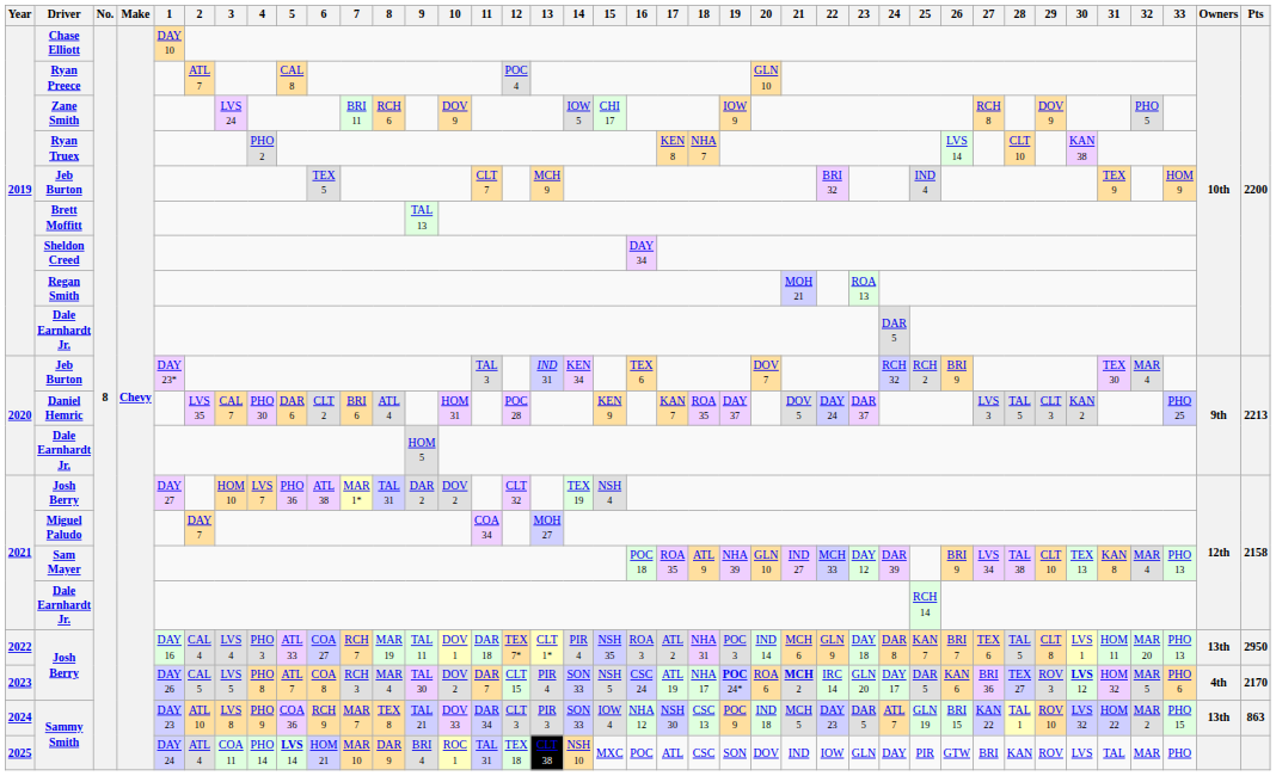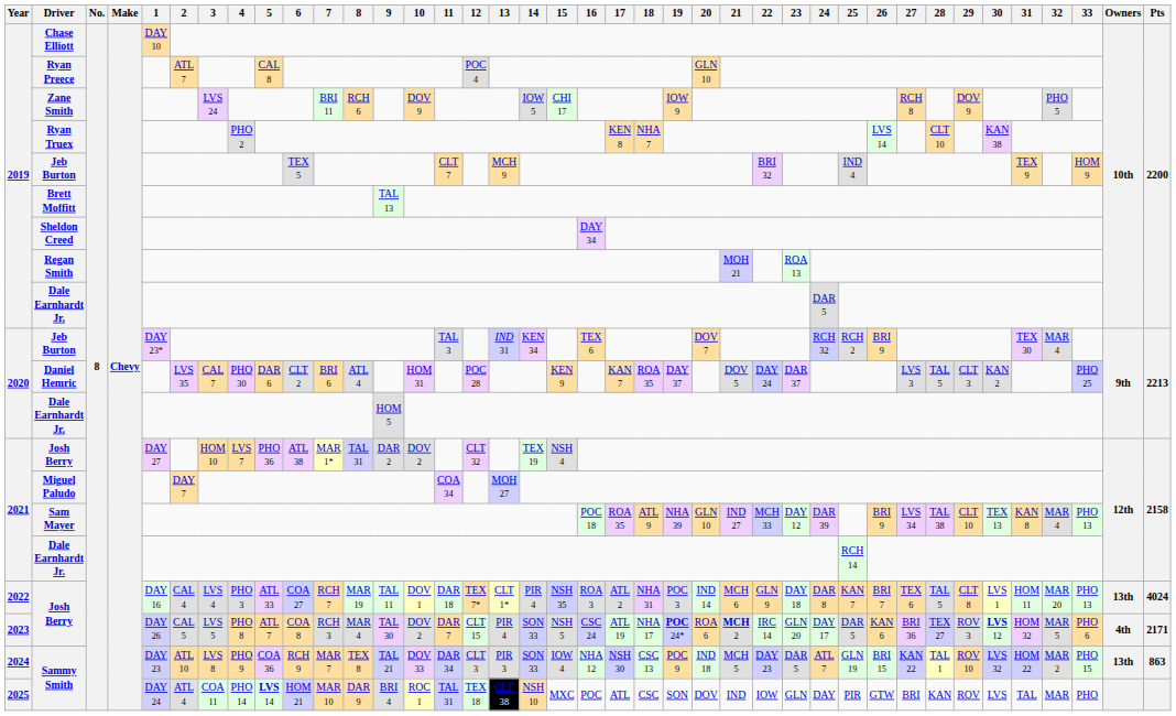 <table class="wikitable" style="text-align:center; font-size:75%">
 <tr>
 <th>Year</th>
 <th>Driver</th>
 <th>No.</th>
 <th>Make</th>
 <th>1</th>
 <th>2</th>
 <th>3</th>
 <th>4</th>
 <th>5</th>
 <th>6</th>
 <th>7</th>
 <th>8</th>
 <th>9</th>
 <th>10</th>
 <th>11</th>
 <th>12</th>
 <th>13</th>
 <th>14</th>
 <th>15</th>
 <th>16</th>
 <th>17</th>
 <th>18</th>
 <th>19</th>
 <th>20</th>
 <th>21</th>
 <th>22</th>
 <th>23</th>
 <th>24</th>
 <th>25</th>
 <th>26</th>
 <th>27</th>
 <th>28</th>
 <th>29</th>
 <th>30</th>
 <th>31</th>
 <th>32</th>
 <th>33</th>
 <th>Owners</th>
 <th>Pts</th>
 </tr>
 <tr>
 <th rowspan=9><a href='#'>2019</a></th>
 <th><a href='#'>Chase Elliott</a></th>
 <th rowspan="20">8</th>
 <th rowspan="20"><a href='#'>Chevy</a></th>
 <td style="background:#FFDF9F;"><a href='#'>DAY</a><br><small>10</small></td>
 <td colspan=32></td>
 <th rowspan=9>10th</th>
 <th rowspan=9>2200</th>
 </tr>
 <tr>
 <th><a href='#'>Ryan Preece</a></th>
 <td></td>
 <td style="background:#FFDF9F;"><a href='#'>ATL</a><br><small>7</small></td>
 <td colspan=2></td>
 <td style="background:#FFDF9F;"><a href='#'>CAL</a><br><small>8</small></td>
 <td colspan=6></td>
 <td style="background:#DFDFDF;"><a href='#'>POC</a><br><small>4</small></td>
 <td colspan=7></td>
 <td style="background:#FFDF9F;"><a href='#'>GLN</a><br><small>10</small></td>
 </tr>
 <tr>
 <th><a href='#'>Zane Smith</a></th>
 <td colspan=2></td>
 <td style="background:#EFCFFF;"><a href='#'>LVS</a><br><small>24</small></td>
 <td colspan=3></td>
 <td style="background:#DFFFDF;"><a href='#'>BRI</a><br><small>11</small></td>
 <td style="background:#FFDF9F;"><a href='#'>RCH</a><br><small>6</small></td>
 <td></td>
 <td style="background:#FFDF9F;"><a href='#'>DOV</a><br><small>9</small></td>
 <td colspan=3></td>
 <td style="background:#DFDFDF;"><a href='#'>IOW</a><br><small>5</small></td>
 <td style="background:#DFFFDF;"><a href='#'>CHI</a><br><small>17</small></td>
 <td colspan=3></td>
 <td style="background:#FFDF9F;"><a href='#'>IOW</a><br><small>9</small></td>
 <td colspan=7></td>
 <td style="background:#FFDF9F;"><a href='#'>RCH</a><br><small>8</small></td>
 <td></td>
 <td style="background:#FFDF9F;"><a href='#'>DOV</a><br><small>9</small></td>
 <td colspan=2></td>
 <td style="background:#DFDFDF;"><a href='#'>PHO</a><br><small>5</small></td>
 <td></td>
 </tr>
 <tr>
 <th><a href='#'>Ryan Truex</a></th>
 <td colspan=3></td>
 <td style="background:#DFDFDF;"><a href='#'>PHO</a><br><small>2</small></td>
 <td colspan=12></td>
 <td style="background:#FFDF9F;"><a href='#'>KEN</a><br><small>8</small></td>
 <td style="background:#FFDF9F;"><a href='#'>NHA</a><br><small>7</small></td>
 <td colspan=7></td>
 <td style="background:#DFFFDF;"><a href='#'>LVS</a><br><small>14</small></td>
 <td></td>
 <td style="background:#FFDF9F;"><a href='#'>CLT</a><br><small>10</small></td>
 <td></td>
 <td style="background:#EFCFFF;"><a href='#'>KAN</a><br><small>38</small></td>
 <td colspan=3></td>
 </tr>
 <tr>
 <th><a href='#'>Jeb Burton</a></th>
 <td colspan=5></td>
 <td style="background:#DFDFDF;"><a href='#'>TEX</a><br><small>5</small></td>
 <td colspan=4></td>
 <td style="background:#FFDF9F;"><a href='#'>CLT</a><br><small>7</small></td>
 <td></td>
 <td style="background:#FFDF9F;"><a href='#'>MCH</a><br><small>9</small></td>
 <td colspan=8></td>
 <td style="background:#EFCFFF;"><a href='#'>BRI</a><br><small>32</small></td>
 <td colspan=2></td>
 <td style="background:#DFDFDF;"><a href='#'>IND</a><br><small>4</small></td>
 <td colspan=5></td>
 <td style="background:#FFDF9F;"><a href='#'>TEX</a><br><small>9</small></td>
 <td></td>
 <td style="background:#FFDF9F;"><a href='#'>HOM</a><br><small>9</small></td>
 </tr>
 <tr>
 <th><a href='#'>Brett Moffitt</a></th>
 <td colspan=8></td>
 <td style="background:#DFFFDF;"><a href='#'>TAL</a><br><small>13</small></td>
 <td colspan=24></td>
 </tr>
 <tr>
 <th><a href='#'>Sheldon Creed</a></th>
 <td colspan=15></td>
 <td style="background:#EFCFFF;"><a href='#'>DAY</a><br><small>34</small></td>
 <td colspan=17></td>
 </tr>
 <tr>
 <th><a href='#'>Regan Smith</a></th>
 <td colspan=20></td>
 <td style="background:#CFCFFF;"><a href='#'>MOH</a><br><small>21</small></td>
 <td></td>
 <td style="background:#DFFFDF;"><a href='#'>ROA</a><br><small>13</small></td>
 </tr>
 <tr>
 <th><a href='#'>Dale Earnhardt Jr.</a></th>
 <td colspan=23></td>
 <td style="background:#DFDFDF;"><a href='#'>DAR</a><br><small>5</small></td>
 <td colspan=9></td>
 </tr>
 <tr>
 <th rowspan=3><a href='#'>2020</a></th>
 <th><a href='#'>Jeb Burton</a></th>
 <td style="background:#EFCFFF;"><a href='#'>DAY</a><br><small>23*</small></td>
 <td colspan=9></td>
 <td style="background:#DFDFDF;"><a href='#'>TAL</a><br><small>3</small></td>
 <td></td>
 <td style="background:#CFCFFF;"><em><a href='#'>IND</a></em><br><small>31</small></td>
 <td style="background:#EFCFFF;"><a href='#'>KEN</a><br><small>34</small></td>
 <td></td>
 <td style="background:#FFDF9F;"><a href='#'>TEX</a><br><small>6</small></td>
 <td colspan=3></td>
 <td style="background:#FFDF9F;"><a href='#'>DOV</a><br><small>7</small></td>
 <td colspan=3></td>
 <td style="background:#CFCFFF;"><a href='#'>RCH</a><br><small>32</small></td>
 <td style="background:#DFDFDF;"><a href='#'>RCH</a><br><small>2</small></td>
 <td style="background:#FFDF9F;"><a href='#'>BRI</a><br><small>9</small></td>
 <td colspan=4></td>
 <td style="background:#EFCFFF;"><a href='#'>TEX</a><br><small>30</small></td>
 <td style="background:#DFDFDF;"><a href='#'>MAR</a><br><small>4</small></td>
 <td colspan=1></td>
 <th rowspan=3>9th</th>
 <th rowspan=3>2213</th>
 </tr>
 <tr>
 <th><a href='#'>Daniel Hemric</a></th>
 <td></td>
 <td style="background:#EFCFFF;"><a href='#'>LVS</a><br><small>35</small></td>
 <td style="background:#FFDF9F;"><a href='#'>CAL</a><br><small>7</small></td>
 <td style="background:#EFCFFF;"><a href='#'>PHO</a><br><small>30</small></td>
 <td style="background:#FFDF9F;"><a href='#'>DAR</a><br><small>6</small></td>
 <td style="background:#DFDFDF;"><a href='#'>CLT</a><br><small>2</small></td>
 <td style="background:#FFDF9F;"><a href='#'>BRI</a><br><small>6</small></td>
 <td style="background:#DFDFDF;"><a href='#'>ATL</a><br><small>4</small></td>
 <td></td>
 <td style="background:#EFCFFF;"><a href='#'>HOM</a><br><small>31</small></td>
 <td></td>
 <td style="background:#EFCFFF;"><a href='#'>POC</a><br><small>28</small></td>
 <td colspan=2></td>
 <td style="background:#FFDF9F;"><a href='#'>KEN</a><br><small>9</small></td>
 <td></td>
 <td style="background:#FFDF9F;"><a href='#'>KAN</a><br><small>7</small></td>
 <td style="background:#EFCFFF;"><a href='#'>ROA</a><br><small>35</small></td>
 <td style="background:#EFCFFF;"><a href='#'>DAY</a><br><small>37</small></td>
 <td colspan=1></td>
 <td style="background:#DFDFDF;"><a href='#'>DOV</a><br><small>5</small></td>
 <td style="background:#CFCFFF;"><a href='#'>DAY</a><br><small>24</small></td>
 <td style="background:#EFCFFF;"><a href='#'>DAR</a><br><small>37</small></td>
 <td colspan=3></td>
 <td style="background:#DFDFDF;"><a href='#'>LVS</a><br><small>3</small></td>
 <td style="background:#DFDFDF;"><a href='#'>TAL</a><br><small>5</small></td>
 <td style="background:#DFDFDF;"><a href='#'>CLT</a><br><small>3</small></td>
 <td style="background:#DFDFDF;"><a href='#'>KAN</a><br><small>2</small></td>
 <td colspan=2></td>
 <td style="background:#CFCFFF;"><a href='#'>PHO</a><br><small>25</small></td>
 </tr>
 <tr>
 <th><a href='#'>Dale Earnhardt Jr.</a></th>
 <td colspan=8></td>
 <td style="background:#DFDFDF;"><a href='#'>HOM</a><br><small>5</small></td>
 <td colspan=24></td>
 </tr>
 <tr>
 <th rowspan=4><a href='#'>2021</a></th>
 <th><a href='#'>Josh Berry</a></th>
 <td style="background:#EFCFFF;"><a href='#'>DAY</a><br><small>27</small></td>
 <td colspan=1></td>
 <td style="background:#FFDF9F;"><a href='#'>HOM</a><br><small>10</small></td>
 <td style="background:#FFDF9F;"><a href='#'>LVS</a><br><small>7</small></td>
 <td style="background:#EFCFFF;"><a href='#'>PHO</a><br><small>36</small></td>
 <td style="background:#EFCFFF;"><a href='#'>ATL</a><br><small>38</small></td>
 <td style="background:#FFFFBF;"><a href='#'>MAR</a><br><small>1*</small></td>
 <td style="background:#CFCFFF;"><a href='#'>TAL</a><br><small>31</small></td>
 <td style="background:#DFDFDF;"><a href='#'>DAR</a><br><small>2</small></td>
 <td style="background:#DFDFDF;"><a href='#'>DOV</a><br><small>2</small></td>
 <td colspan=1></td>
 <td style="background:#EFCFFF;"><a href='#'>CLT</a><br><small>32</small></td>
 <td colspan=1></td>
 <td style="background:#DFFFDF;"><a href='#'>TEX</a><br><small>19</small></td>
 <td style="background:#DFDFDF;"><a href='#'>NSH</a><br><small>4</small></td>
 <td colspan=18></td>
 <th rowspan=4>12th</th>
 <th rowspan=4>2158</th>
 </tr>
 <tr>
 <th><a href='#'>Miguel Paludo</a></th>
 <td></td>
 <td style="background:#FFDF9F;"><a href='#'>DAY</a><br><small>7</small></td>
 <td colspan=8></td>
 <td style="background:#EFCFFF;"><a href='#'>COA</a><br><small>34</small></td>
 <td></td>
 <td style="background:#CFCFFF;"><a href='#'>MOH</a><br><small>27</small></td>
 <td colspan=20></td>
 </tr>
 <tr>
 <th><a href='#'>Sam Mayer</a></th>
 <td colspan=15></td>
 <td style="background:#DFFFDF;"><a href='#'>POC</a><br><small>18</small></td>
 <td style="background:#EFCFFF;"><a href='#'>ROA</a><br><small>35</small></td>
 <td style="background:#FFDF9F;"><a href='#'>ATL</a><br><small>9</small></td>
 <td style="background:#EFCFFF;"><a href='#'>NHA</a><br><small>39</small></td>
 <td style="background:#FFDF9F;"><a href='#'>GLN</a><br><small>10</small></td>
 <td style="background:#EFCFFF;"><a href='#'>IND</a><br><small>27</small></td>
 <td style="background:#CFCFFF;"><a href='#'>MCH</a><br><small>33</small></td>
 <td style="background:#DFFFDF;"><a href='#'>DAY</a><br><small>12</small></td>
 <td style="background:#EFCFFF;"><a href='#'>DAR</a><br><small>39</small></td>
 <td colspan=1></td>
 <td style="background:#FFDF9F;"><a href='#'>BRI</a><br><small>9</small></td>
 <td style="background:#EFCFFF;"><a href='#'>LVS</a><br><small>34</small></td>
 <td style="background:#EFCFFF;"><a href='#'>TAL</a><br><small>38</small></td>
 <td style="background:#FFDF9F;"><a href='#'>CLT</a><br><small>10</small></td>
 <td style="background:#DFFFDF;"><a href='#'>TEX</a><br><small>13</small></td>
 <td style="background:#FFDF9F;"><a href='#'>KAN</a><br><small>8</small></td>
 <td style="background:#DFDFDF;'"><a href='#'>MAR</a><br><small>4</small></td>
 <td style="background:#DFFFDF;"><a href='#'>PHO</a><br><small>13</small></td>
 </tr>
 <tr>
 <th><a href='#'>Dale Earnhardt Jr.</a></th>
 <td colspan=24></td>
 <td style="background:#DFFFDF"><a href='#'>RCH</a><br><small>14</small></td>
 <td colspan=8></td>
 </tr>
 <tr>
 <th><a href='#'>2022</a></th>
 <th rowspan=2><a href='#'>Josh Berry</a></th>
 <td style="background:#DFFFDF;"><a href='#'>DAY</a><br><small>16</small></td>
 <td style="background:#DFDFDF;"><a href='#'>CAL</a><br><small>4</small></td>
 <td style="background:#DFDFDF;"><a href='#'>LVS</a><br><small>4</small></td>
 <td style="background:#DFDFDF;"><a href='#'>PHO</a><br><small>3</small></td>
 <td style="background:#EFCFFF;"><a href='#'>ATL</a><br><small>33</small></td>
 <td style="background:#CFCFFF;"><a href='#'>COA</a><br><small>27</small></td>
 <td style="background:#FFDF9F;"><a href='#'>RCH</a><br><small>7</small></td>
 <td style="background:#DFFFDF;"><a href='#'>MAR</a><br><small>19</small></td>
 <td style="background:#DFFFDF;"><a href='#'>TAL</a><br><small>11</small></td>
 <td style="background:#FFFFBF;"><a href='#'>DOV</a><br><small>1</small></td>
 <td style="background:#DFFFDF;"><a href='#'>DAR</a><br><small>18</small></td>
 <td style="background:#FFDF9F;"><a href='#'>TEX</a><br><small>7*</small></td>
 <td style="background:#FFFFBF;"><a href='#'>CLT</a><br><small>1*</small></td>
 <td style="background:#DFDFDF;"><a href='#'>PIR</a><br><small>4</small></td>
 <td style="background:#CFCFFF;"><a href='#'>NSH</a><br><small>35</small></td>
 <td style="background:#DFDFDF;"><a href='#'>ROA</a><br><small>3</small></td>
 <td style="background:#DFDFDF;"><a href='#'>ATL</a><br><small>2</small></td>
 <td style="background:#EFCFFF;"><a href='#'>NHA</a><br><small>31</small></td>
 <td style="background:#DFDFDF;"><a href='#'>POC</a><br><small>3</small></td>
 <td style="background:#DFFFDF;"><a href='#'>IND</a><br><small>14</small></td>
 <td style="background:#FFDF9F;"><a href='#'>MCH</a> <br><small>6</small></td>
 <td style="background:#FFDF9F;"><a href='#'>GLN</a><br><small>9</small></td>
 <td style="background:#DFFFDF;"><a href='#'>DAY</a><br><small>18</small></td>
 <td style="background:#FFDF9F;"><a href='#'>DAR</a><br><small>8</small></td>
 <td style="background:#FFDF9F;"><a href='#'>KAN</a><br><small>7</small></td>
 <td style="background:#FFDF9F;"><a href='#'>BRI</a><br><small>7</small></td>
 <td style="background:#FFDF9F;"><a href='#'>TEX</a><br><small>6</small></td>
 <td style="background:#DFDFDF;"><a href='#'>TAL</a><br><small>5</small></td>
 <td style="background:#FFDF9F;"><a href='#'>CLT</a><br><small>8</small></td>
 <td style="background:#FFFFBF;"><a href='#'>LVS</a><br><small>1</small></td>
 <td style="background:#DFFFDF;"><a href='#'>HOM</a><br><small>11</small></td>
 <td style="background:#DFFFDF;"><a href='#'>MAR</a><br><small>20</small></td>
 <td style="background:#DFFFDF;"><a href='#'>PHO</a><br><small>13</small></td>
 <th>13th</th>
-<th>2950</th>
+<th>4024</th>
 </tr>
 <tr>
 <th><a href='#'>2023</a></th>
 <td style="background:#CFCFFF;"><a href='#'>DAY</a><br><small>26</small></td>
 <td style="background:#DFDFDF;"><a href='#'>CAL</a><br><small>5</small></td>
 <td style="background:#DFDFDF;"><a href='#'>LVS</a><br><small>5</small></td>
 <td style="background:#FFDF9F;"><a href='#'>PHO</a><br><small>8</small></td>
 <td style="background:#FFDF9F;"><a href='#'>ATL</a><br><small>7</small></td>
 <td style="background:#FFDF9F;"><a href='#'>COA</a><br><small>8</small></td>
 <td style="background:#DFDFDF;"><a href='#'>RCH</a><br><small>3</small></td>
 <td style="background:#DFDFDF;"><a href='#'>MAR</a><br><small>4</small></td>
 <td style="background:#EFCFFF;"><a href='#'>TAL</a><br><small>30</small></td>
 <td style="background:#DFDFDF;"><a href='#'>DOV</a><br><small>2</small></td>
 <td style="background:#FFDF9F;"><a href='#'>DAR</a><br><small>7</small></td>
 <td style="background:#DFFFDF;"><a href='#'>CLT</a><br><small>15</small></td>
 <td style="background:#DFDFDF;"><a href='#'>PIR</a><br><small>4</small></td>
 <td style="background:#CFCFFF;"><a href='#'>SON</a><br><small>33</small></td>
 <td style="background:#DFDFDF;"><a href='#'>NSH</a><br><small>5</small></td>
 <td style="background:#CFCFFF;"><a href='#'>CSC</a><br><small>24</small></td>
 <td style="background:#DFFFDF;"><a href='#'>ATL</a><br><small>19</small></td>
 <td style="background:#DFFFDF;"><a href='#'>NHA</a><br><small>17</small></td>
 <td style="background:#CFCFFF;"><strong><a href='#'>POC</a></strong><br><small>24*</small></td>
 <td style="background:#FFDF9F;"><a href='#'>ROA</a><br><small>6</small></td>
 <td style="background:#DFDFDF;"><strong><a href='#'>MCH</a></strong><br><small>2</small></td>
 <td style="background:#DFFFDF;"><a href='#'>IRC</a><br><small>14</small></td>
 <td style="background:#DFFFDF;"><a href='#'>GLN</a><br><small>20</small></td>
 <td style="background:#DFFFDF;"><a href='#'>DAY</a><br><small>17</small></td>
 <td style="background:#DFDFDF;"><a href='#'>DAR</a><br><small>5</small></td>
 <td style="background:#FFDF9F;"><a href='#'>KAN</a><br><small>6</small></td>
 <td style="background:#EFCFFF;"><a href='#'>BRI</a><br><small>36</small></td>
 <td style="background:#CFCFFF;"><a href='#'>TEX</a><br><small>27</small></td>
 <td style="background:#DFDFDF;"><a href='#'>ROV</a><br><small>3</small></td>
 <td style="background:#DFFFDF;"><strong><a href='#'>LVS</a></strong><br><small>12</small></td>
 <td style="background:#EFCFFF;"><a href='#'>HOM</a><br><small>32</small></td>
 <td style="background:#DFDFDF;"><a href='#'>MAR</a><br><small>5</small></td>
 <td style="background:#FFDF9F;"><a href='#'>PHO</a><br><small>6</small></td>
 <th>4th</th>
-<th>2170</th>
+<th>2171</th>
 </tr>
 <tr>
 <th><a href='#'>2024</a></th>
 <th rowspan="2"><a href='#'>Sammy Smith</a></th>
 <td style="background:#CFCFFF;"><a href='#'>DAY</a><br><small>23</small></td>
 <td style="background:#FFDF9F;"><a href='#'>ATL</a><br><small>10</small></td>
 <td style="background:#FFDF9F;"><a href='#'>LVS</a><br><small>8</small></td>
 <td style="background:#FFDF9F;"><a href='#'>PHO</a><br><small>9</small></td>
 <td style="background:#EFCFFF;"><a href='#'>COA</a><br><small>36</small></td>
 <td style="background:#FFDF9F;"><a href='#'>RCH</a><br><small>9</small></td>
 <td style="background:#FFDF9F;"><a href='#'>MAR</a><br><small>7</small></td>
 <td style="background:#FFDF9F;"><a href='#'>TEX</a><br><small>8</small></td>
 <td style="background:#CFCFFF;"><a href='#'>TAL</a><br><small>21</small></td>
 <td style="background:#EFCFFF;"><a href='#'>DOV</a><br><small>33</small></td>
 <td style="background:#CFCFFF;"><a href='#'>DAR</a><br><small>34</small></td>
 <td style="background:#DFDFDF;"><a href='#'>CLT</a><br><small>3</small></td>
 <td style="background:#DFDFDF;"><a href='#'>PIR</a><br><small>3</small></td>
 <td style="background:#CFCFFF;"><a href='#'>SON</a><br><small>33</small></td>
 <td style="background:#DFDFDF;"><a href='#'>IOW</a><br><small>4</small></td>
 <td style="background:#DFFFDF;"><a href='#'>NHA</a><br><small>12</small></td>
 <td style="background:#CFCFFF;"><a href='#'>NSH</a><br><small>30</small></td>
 <td style="background:#DFFFDF;"><a href='#'>CSC</a><br><small>13</small></td>
 <td style="background:#FFDF9F;"><a href='#'>POC</a><br><small>9</small></td>
 <td style="background:#DFFFDF;"><a href='#'>IND</a><br><small>18</small></td>
 <td style="background:#DFDFDF;"><a href='#'>MCH</a><br><small>5</small></td>
 <td style="background:#CFCFFF;"><a href='#'>DAY</a><br><small>23</small></td>
 <td style="background:#DFDFDF;"><a href='#'>DAR</a><br><small>5</small></td>
 <td style="background:#FFDF9F;"><a href='#'>ATL</a><br><small>7</small></td>
 <td style="background:#DFFFDF;"><a href='#'>GLN</a><br><small>19</small></td>
 <td style="background:#DFFFDF;"><a href='#'>BRI</a><br><small>15</small></td>
 <td style="background:#CFCFFF;"><a href='#'>KAN</a><br><small>22</small></td>
 <td style="background:#FFFFBF;"><a href='#'>TAL</a><br><small>1</small></td>
 <td style="background:#FFDF9F;"><a href='#'>ROV</a><br><small>10</small></td>
 <td style="background:#CFCFFF;"><a href='#'>LVS</a><br><small>32</small></td>
 <td style="background:#CFCFFF;"><a href='#'>HOM</a><br><small>22</small></td>
 <td style="background:#DFDFDF;"><a href='#'>MAR</a><br><small>2</small></td>
 <td style="background:#DFFFDF;"><a href='#'>PHO</a><br><small>15</small></td>
 <th>13th</th>
 <th>863</th>
 </tr>
 <tr>
 <th><a href='#'>2025</a></th>
 <td style="background:#CFCFFF;"><a href='#'>DAY</a><br><small>24</small></td>
 <td style="background:#DFDFDF;"><a href='#'>ATL</a><br><small>4</small></td>
 <td style="background:#DFFFDF;"><a href='#'>COA</a><br><small>11</small></td>
 <td style="background:#DFFFDF;"><a href='#'>PHO</a><br><small>14</small></td>
 <td style="background:#DFFFDF;"><strong><a href='#'>LVS</a></strong><br><small>14</small></td>
 <td style="background:#CFCFFF;"><a href='#'>HOM</a><br><small>21</small></td>
 <td style="background:#FFDF9F;"><a href='#'>MAR</a><br><small>10</small></td>
 <td style="background:#FFDF9F;"><a href='#'>DAR</a><br><small>9</small></td>
 <td style="background:#DFDFDF;"><a href='#'>BRI</a><br><small>4</small></td>
 <td style="background:#FFFFBF;"><a href='#'>ROC</a><br><small>1</small></td>
 <td style="background:#CFCFFF;"><a href='#'>TAL</a><br><small>31</small></td>
 <td style="background:#DFFFDF;"><a href='#'>TEX</a><br><small>18</small></td>
 <td style="background-color:#000000;color:white"><a href='#'><span>CLT</span></a><br><small>38</small></td>
 <td style="background:#FFDF9F;"><a href='#'>NSH</a><br><small>10</small></td>
 <td><a href='#'>MXC</a></td>
 <td><a href='#'>POC</a></td>
 <td><a href='#'>ATL</a></td>
 <td><a href='#'>CSC</a></td>
 <td><a href='#'>SON</a></td>
 <td><a href='#'>DOV</a></td>
 <td><a href='#'>IND</a></td>
 <td><a href='#'>IOW</a></td>
 <td><a href='#'>GLN</a></td>
 <td><a href='#'>DAY</a></td>
 <td><a href='#'>PIR</a></td>
 <td><a href='#'>GTW</a></td>
 <td><a href='#'>BRI</a></td>
 <td><a href='#'>KAN</a></td>
 <td><a href='#'>ROV</a></td>
 <td><a href='#'>LVS</a></td>
 <td><a href='#'>TAL</a></td>
 <td><a href='#'>MAR</a></td>
 <td><a href='#'>PHO</a></td>
 <th></th>
 <th></th>
 </tr>
 </table>
